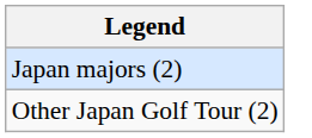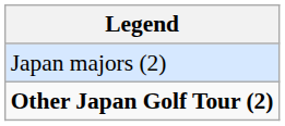 <table class="wikitable" style="font-size:95%;">
 <tr>
 <th>Legend</th>
 </tr>
 <tr style="background:#D6E8FF;">
 <td>Japan majors (2)</td>
 </tr>
 <tr>
-<td>Other Japan Golf Tour (2)</td>
+<td><strong>Other Japan Golf Tour (2)</strong></td>
 </tr>
 </table>
